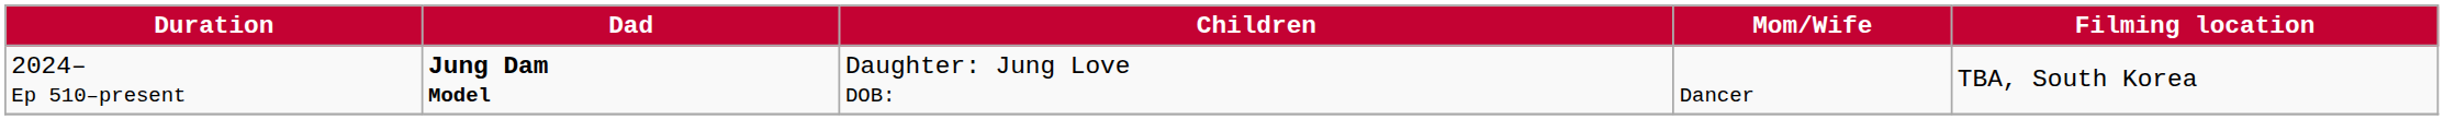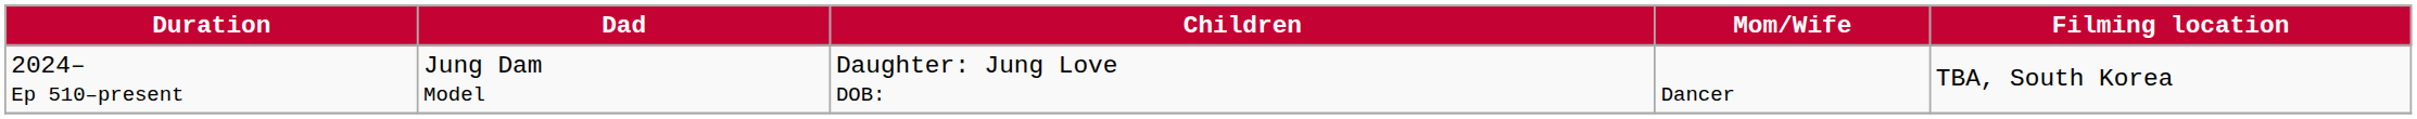 <table class="wikitable plainrowheaders" style="width:80%;">
 <tr>
 <th scope="col"  style="background:#C40233; color:#fff; width:12%;">Duration</th>
 <th scope="col"  style="background:#C40233; color:#fff; width:12%;">Dad</th>
 <th scope="col"  style="background:#C40233; color:#fff; width:24%;">Children</th>
 <th scope="col"  style="background:#C40233; color:#fff; width:8%;">Mom/Wife</th>
 <th scope="col"  style="background:#C40233; color:#fff; width:14%;">Filming location</th>
 </tr>
 <tr>
 <td>2024– <br> <small>Ep 510–present</small></td>
-<td><strong>Jung Dam<br><small>Model</small></strong></td>
+<td>Jung Dam<br><small>Model</small></td>
 <td>Daughter: Jung Love <br><small>DOB: </small></td>
 <td><br><small>Dancer</small></td>
 <td>TBA, South Korea</td>
 </tr>
 <tr>
 </tr>
 </table>
